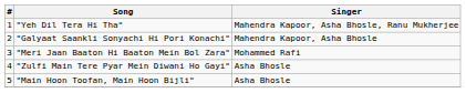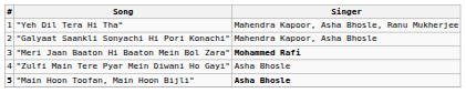 <table class="wikitable" style="font-size:95%;">
 <tr>
 <th>#</th>
 <th>Song</th>
 <th>Singer</th>
 </tr>
 <tr>
 <td>1</td>
 <td>"Yeh Dil Tera Hi Tha"</td>
 <td>Mahendra Kapoor, Asha Bhosle, Ranu Mukherjee</td>
 </tr>
 <tr>
 <td>2</td>
 <td>"Galyaat Saankli Sonyachi Hi Pori Konachi"</td>
 <td>Mahendra Kapoor, Asha Bhosle</td>
 </tr>
 <tr>
 <td>3</td>
 <td>"Meri Jaan Baaton Hi Baaton Mein Bol Zara"</td>
-<td>Mohammed Rafi</td>
+<td><strong>Mohammed Rafi</strong></td>
 </tr>
 <tr>
 <td>4</td>
 <td>"Zulfi Main Tere Pyar Mein Diwani Ho Gayi"</td>
 <td>Asha Bhosle</td>
 </tr>
 <tr>
-<td>5</td>
+<td><strong>5</strong></td>
 <td>"Main Hoon Toofan, Main Hoon Bijli"</td>
-<td>Asha Bhosle</td>
+<td><strong>Asha Bhosle</strong></td>
 </tr>
 <tr>
 </tr>
 </table>
